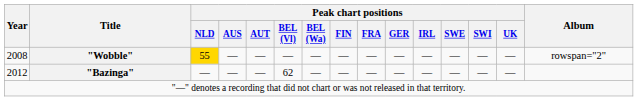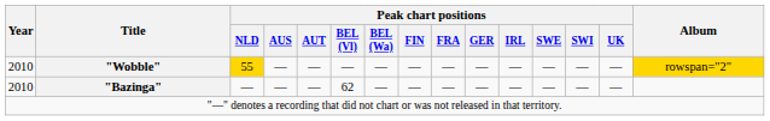 <table class="wikitable plainrowheaders" style="text-align:center;">
 <tr>
 <th scope="col" rowspan="2" style="width:1em;">Year</th>
 <th scope="col" rowspan="2" style="width:15em;">Title</th>
 <th scope="col" colspan="12">Peak chart positions</th>
 <th scope="col" rowspan="2" style="width:10em;">Album</th>
 </tr>
 <tr>
 <th scope="col" style="width:2.5em;font-size:90%;"><a href='#'>NLD</a><br></th>
 <th scope="col" style="width:2.5em;font-size:90%;"><a href='#'>AUS</a><br></th>
 <th scope="col" style="width:2.5em;font-size:90%;"><a href='#'>AUT</a><br></th>
 <th scope="col" style="width:2.5em;font-size:90%;"><a href='#'>BEL (Vl)</a><br></th>
 <th scope="col" style="width:2.5em;font-size:90%;"><a href='#'>BEL (Wa)</a><br></th>
 <th scope="col" style="width:2.5em;font-size:90%;"><a href='#'>FIN</a><br></th>
 <th scope="col" style="width:2.5em;font-size:90%;"><a href='#'>FRA</a><br></th>
 <th scope="col" style="width:2.5em;font-size:90%;"><a href='#'>GER</a><br></th>
 <th scope="col" style="width:2.5em;font-size:90%;"><a href='#'>IRL</a><br></th>
 <th scope="col" style="width:2.5em;font-size:90%;"><a href='#'>SWE</a><br></th>
 <th scope="col" style="width:2.5em;font-size:90%;"><a href='#'>SWI</a><br></th>
 <th scope="col" style="width:2.5em;font-size:90%;"><a href='#'>UK</a><br></th>
 </tr>
 <tr>
-<td rowspan="1">2008</td>
+<td rowspan="1">2010</td>
 <th scope="row">"Wobble"</th>
 <td style="background: gold;">55</td>
 <td>—</td>
 <td>—</td>
 <td>—</td>
 <td>—</td>
 <td>—</td>
 <td>—</td>
 <td>—</td>
 <td>—</td>
 <td>—</td>
 <td>—</td>
 <td>—</td>
-<td>rowspan="2" </td>
+<td style="background: gold;">rowspan="2" </td>
 </tr>
 <tr>
-<td rowspan="1">2012</td>
+<td rowspan="1">2010</td>
 <th scope="row">"Bazinga"</th>
 <td>—</td>
 <td>—</td>
 <td>—</td>
 <td>62</td>
 <td>—</td>
 <td>—</td>
 <td>—</td>
 <td>—</td>
 <td>—</td>
 <td>—</td>
 <td>—</td>
 <td>—</td>
 </tr>
 <tr>
 <td colspan="16" style="font-size:90%">"—" denotes a recording that did not chart or was not released in that territory.</td>
 </tr>
 </table>
